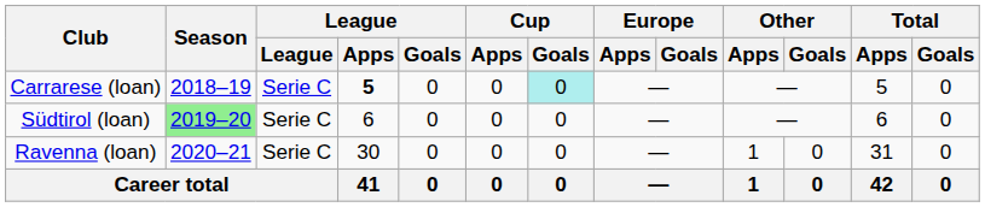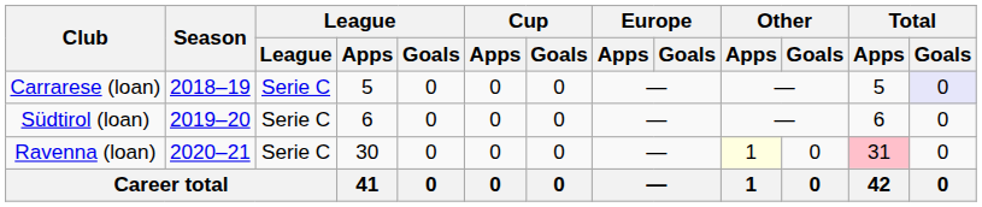 <table class="wikitable" style="text-align: center;">
 <tr>
 <th rowspan="2">Club</th>
 <th rowspan="2">Season</th>
 <th colspan="3">League</th>
 <th colspan="2">Cup</th>
 <th colspan="2">Europe</th>
 <th colspan="2">Other</th>
 <th colspan="2">Total</th>
 </tr>
 <tr>
 <th>League</th>
 <th>Apps</th>
 <th>Goals</th>
 <th>Apps</th>
 <th>Goals</th>
 <th>Apps</th>
 <th>Goals</th>
 <th>Apps</th>
 <th>Goals</th>
 <th>Apps</th>
 <th>Goals</th>
 </tr>
 <tr>
 <td><a href='#'>Carrarese</a> (loan)</td>
 <td><a href='#'>2018–19</a></td>
 <td><a href='#'>Serie C</a></td>
-<td><strong>5</strong></td>
+<td>5</td>
 <td>0</td>
 <td>0</td>
-<td style="background: paleturquoise;">0</td>
+<td>0</td>
 <td colspan="2">—</td>
 <td colspan="2">—</td>
 <td>5</td>
-<td>0</td>
+<td style="background: lavender;">0</td>
 </tr>
 <tr>
 <td><a href='#'>Südtirol</a> (loan)</td>
-<td style="background: lightgreen;"><a href='#'>2019–20</a></td>
+<td><a href='#'>2019–20</a></td>
 <td>Serie C</td>
 <td>6</td>
 <td>0</td>
 <td>0</td>
 <td>0</td>
 <td colspan="2">—</td>
 <td colspan="2">—</td>
 <td>6</td>
 <td>0</td>
 </tr>
 <tr>
 <td><a href='#'>Ravenna</a> (loan)</td>
 <td><a href='#'>2020–21</a></td>
 <td>Serie C</td>
 <td>30</td>
 <td>0</td>
 <td>0</td>
 <td>0</td>
 <td colspan="2">—</td>
-<td>1</td>
+<td style="background: lightyellow;">1</td>
 <td>0</td>
-<td>31</td>
+<td style="background: pink;">31</td>
 <td>0</td>
 </tr>
 <tr>
 <th colspan="3">Career total</th>
 <th>41</th>
 <th>0</th>
 <th>0</th>
 <th>0</th>
 <th colspan="2">—</th>
 <th>1</th>
 <th>0</th>
 <th>42</th>
 <th>0</th>
 </tr>
 </table>
